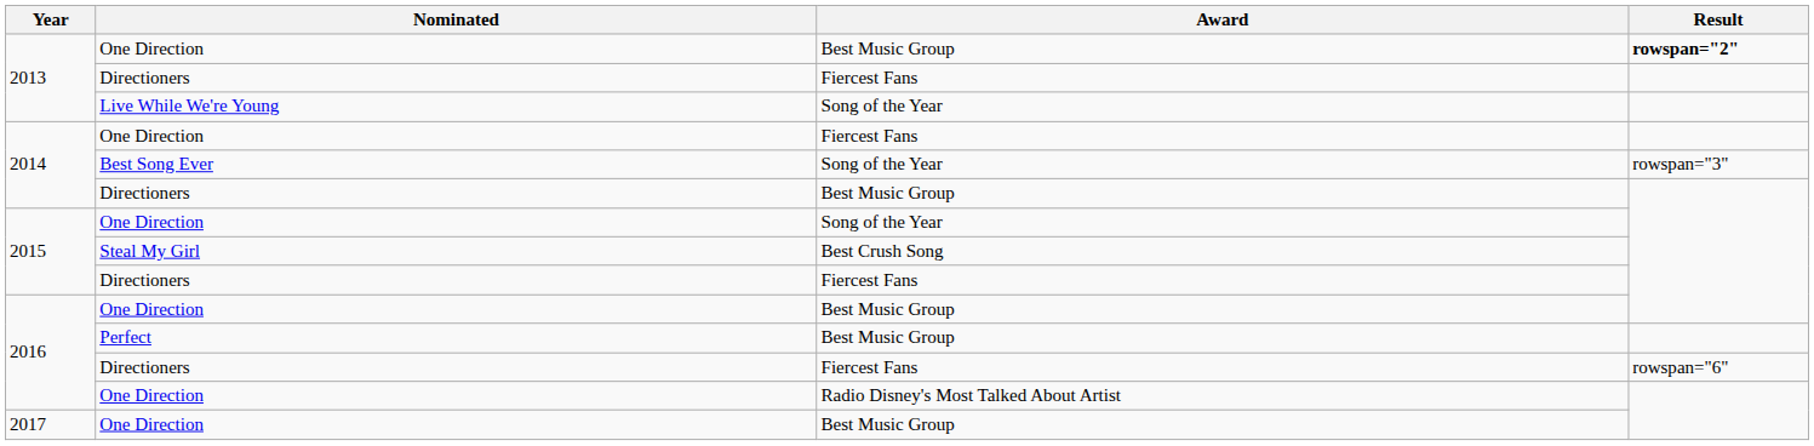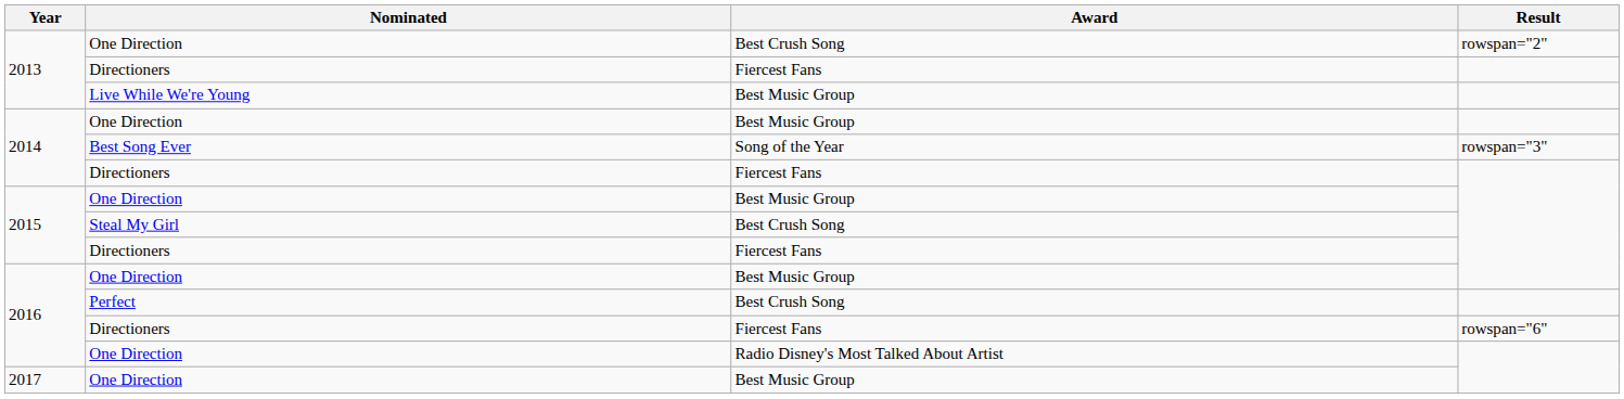 <table class="wikitable" style="width:100%;">
 <tr>
 <th width=5%>Year</th>
 <th style="width:40%;">Nominated</th>
 <th style="width:45%;">Award</th>
 <th style="width:10%;">Result</th>
 </tr>
 <tr>
 <td rowspan="3">2013</td>
 <td>One Direction</td>
-<td>Best Music Group</td>
-<td><strong>rowspan="2" </strong></td>
+<td>Best Crush Song</td>
+<td>rowspan="2" </td>
 </tr>
 <tr>
 <td>Directioners</td>
 <td>Fiercest Fans</td>
 </tr>
 <tr>
 <td><a href='#'>Live While We're Young</a></td>
-<td>Song of the Year</td>
+<td>Best Music Group</td>
 <td></td>
 </tr>
 <tr>
 <td rowspan="3">2014</td>
 <td>One Direction</td>
-<td>Fiercest Fans</td>
+<td>Best Music Group</td>
 <td></td>
 </tr>
 <tr>
 <td><a href='#'>Best Song Ever</a></td>
 <td>Song of the Year</td>
 <td>rowspan="3" </td>
 </tr>
 <tr>
 <td>Directioners</td>
-<td>Best Music Group</td>
+<td>Fiercest Fans</td>
 </tr>
 <tr>
 <td rowspan="3">2015</td>
 <td><a href='#'>One Direction</a></td>
-<td>Song of the Year</td>
+<td>Best Music Group</td>
 </tr>
 <tr>
 <td><a href='#'>Steal My Girl</a></td>
 <td>Best Crush Song</td>
 </tr>
 <tr>
 <td>Directioners</td>
 <td>Fiercest Fans</td>
 </tr>
 <tr>
 <td rowspan="4">2016</td>
 <td><a href='#'>One Direction</a></td>
 <td>Best Music Group</td>
 </tr>
 <tr>
 <td><a href='#'>Perfect</a></td>
-<td>Best Music Group</td>
+<td>Best Crush Song</td>
 <td></td>
 </tr>
 <tr>
 <td>Directioners</td>
 <td>Fiercest Fans</td>
 <td>rowspan="6" </td>
 </tr>
 <tr>
 <td><a href='#'>One Direction</a></td>
 <td>Radio Disney's Most Talked About Artist</td>
 </tr>
 <tr>
 <td rowspan="5">2017</td>
 <td><a href='#'>One Direction</a></td>
 <td>Best Music Group</td>
 </tr>
 </table>
